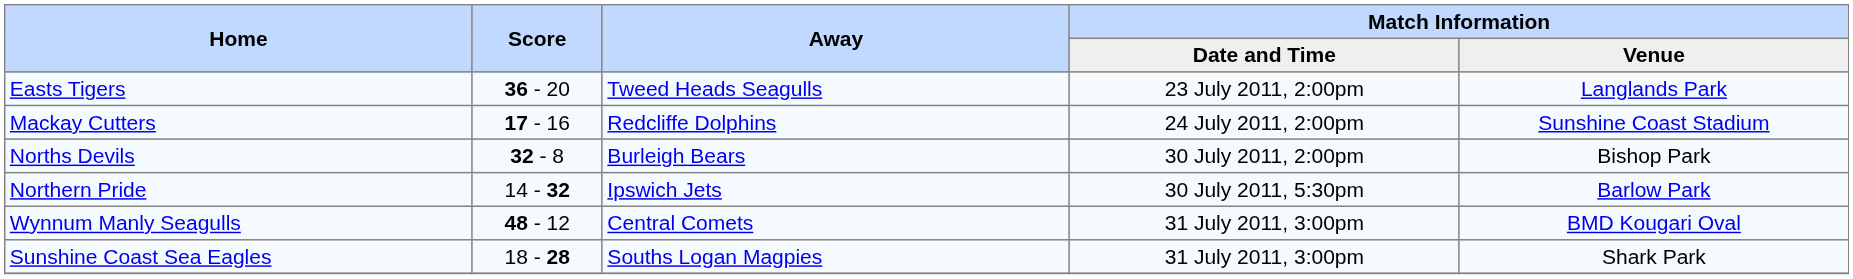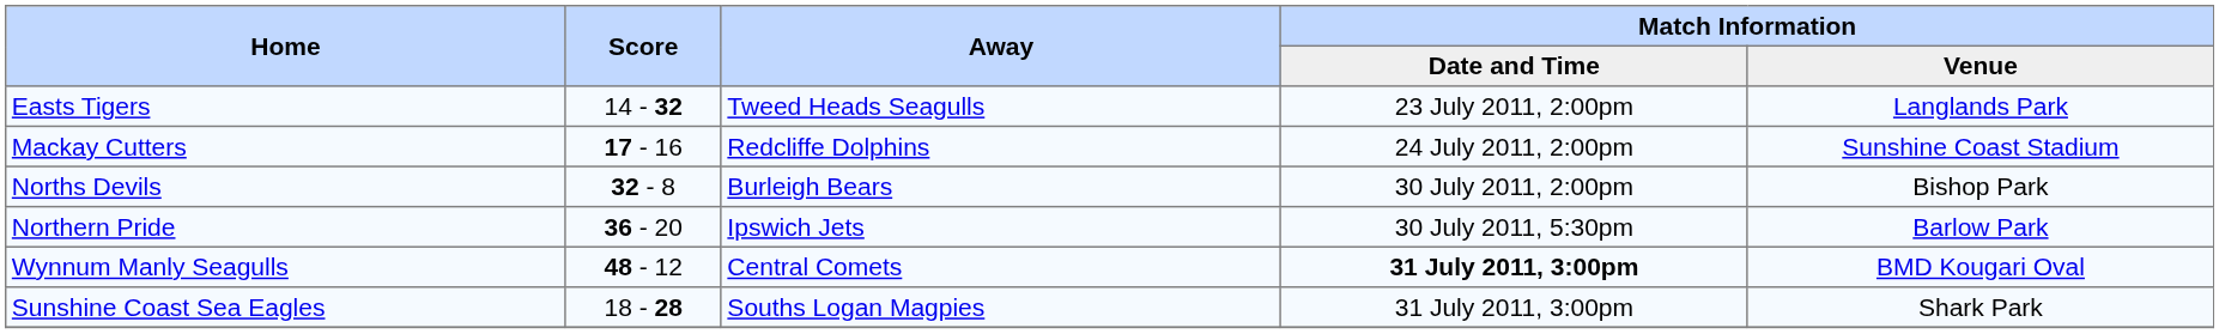 <table border=1 style="border-collapse:collapse; font-size:90%; text-align:center;" cellpadding=3 cellspacing=0>
 <tr bgcolor=#C1D8FF>
 <th rowspan=2 width=12%>Home</th>
 <th rowspan=2 width=3%>Score</th>
 <th rowspan=2 width=12%>Away</th>
 <th colspan=5>Match Information</th>
 </tr>
 <tr bgcolor=#EFEFEF>
 <th width=10%>Date and Time</th>
 <th width=10%>Venue</th>
 </tr>
 <tr bgcolor=#F5FAFF>
 <td align=left> <a href='#'>Easts Tigers</a></td>
-<td><strong>36</strong> - 20</td>
+<td>14 - <strong>32</strong></td>
 <td align=left> <a href='#'>Tweed Heads Seagulls</a></td>
 <td>23 July 2011, 2:00pm</td>
 <td><a href='#'>Langlands Park</a></td>
 </tr>
 <tr bgcolor=#F5FAFF>
 <td align=left> <a href='#'>Mackay Cutters</a></td>
 <td><strong>17</strong> - 16</td>
 <td align=left> <a href='#'>Redcliffe Dolphins</a></td>
 <td>24 July 2011, 2:00pm</td>
 <td><a href='#'>Sunshine Coast Stadium</a></td>
 </tr>
 <tr bgcolor=#F5FAFF>
 <td align=left> <a href='#'>Norths Devils</a></td>
 <td><strong>32</strong> - 8</td>
 <td align=left> <a href='#'>Burleigh Bears</a></td>
 <td>30 July 2011, 2:00pm</td>
 <td>Bishop Park</td>
 </tr>
 <tr bgcolor=#F5FAFF>
 <td align=left> <a href='#'>Northern Pride</a></td>
-<td>14 - <strong>32</strong></td>
+<td><strong>36</strong> - 20</td>
 <td align=left> <a href='#'>Ipswich Jets</a></td>
 <td>30 July 2011, 5:30pm</td>
 <td><a href='#'>Barlow Park</a></td>
 </tr>
 <tr bgcolor=#F5FAFF>
 <td align=left> <a href='#'>Wynnum Manly Seagulls</a></td>
 <td><strong>48</strong> - 12</td>
 <td align=left> <a href='#'>Central Comets</a></td>
-<td>31 July 2011, 3:00pm</td>
+<td><strong>31 July 2011, 3:00pm</strong></td>
 <td><a href='#'>BMD Kougari Oval</a></td>
 </tr>
 <tr bgcolor=#F5FAFF>
 <td align=left> <a href='#'>Sunshine Coast Sea Eagles</a></td>
 <td>18 - <strong>28</strong></td>
 <td align=left> <a href='#'>Souths Logan Magpies</a></td>
 <td>31 July 2011, 3:00pm</td>
 <td>Shark Park</td>
 </tr>
 <tr>
 </tr>
 </table>
